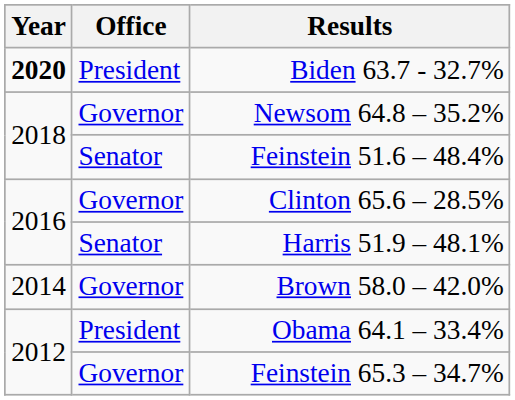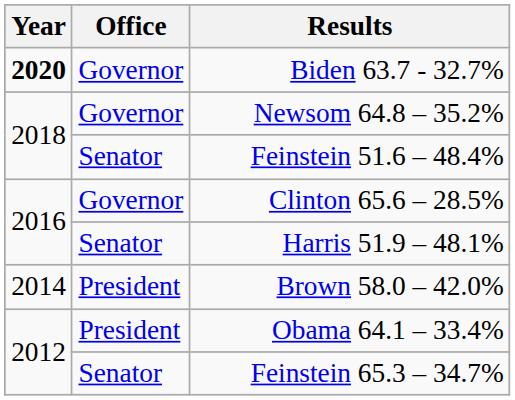 <table class=wikitable>
 <tr>
 <th width="30">Year</th>
 <th width="60">Office</th>
 <th width="180">Results</th>
 </tr>
 <tr>
 <td rowspan="1”"><strong>2020</strong></td>
-<td><a href='#'>President</a></td>
+<td><a href='#'>Governor</a></td>
 <td align="right" ><a href='#'>Biden</a> 63.7 - 32.7%</td>
 </tr>
 <tr>
 <td rowspan="2">2018</td>
 <td><a href='#'>Governor</a></td>
 <td align="right" ><a href='#'>Newsom</a> 64.8 – 35.2%</td>
 </tr>
 <tr>
 <td><a href='#'>Senator</a></td>
 <td align="right" ><a href='#'>Feinstein</a> 51.6 – 48.4%</td>
 </tr>
 <tr>
 <td rowspan="2">2016</td>
 <td><a href='#'>Governor</a></td>
 <td align="right" ><a href='#'>Clinton</a> 65.6 – 28.5%</td>
 </tr>
 <tr>
 <td><a href='#'>Senator</a></td>
 <td align="right" ><a href='#'>Harris</a> 51.9 – 48.1%</td>
 </tr>
 <tr>
 <td>2014</td>
-<td><a href='#'>Governor</a></td>
+<td><a href='#'>President</a></td>
 <td align="right" ><a href='#'>Brown</a> 58.0 – 42.0%</td>
 </tr>
 <tr>
 <td rowspan="2">2012</td>
 <td><a href='#'>President</a></td>
 <td align="right" ><a href='#'>Obama</a> 64.1 – 33.4%</td>
 </tr>
 <tr>
-<td><a href='#'>Governor</a></td>
+<td><a href='#'>Senator</a></td>
 <td align="right" ><a href='#'>Feinstein</a> 65.3 – 34.7%</td>
 </tr>
 </table>
